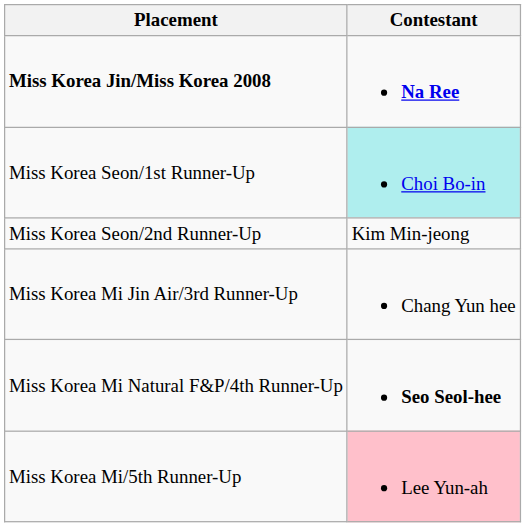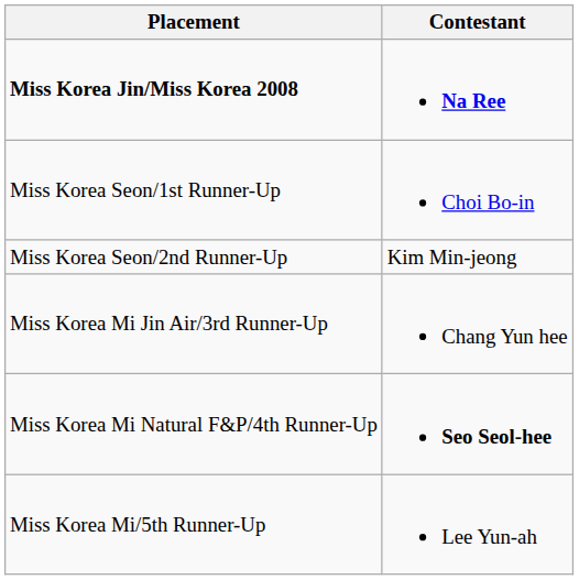 <table class="wikitable sortable" style="font-size: 95%;">
 <tr>
 <th>Placement</th>
 <th>Contestant</th>
 </tr>
 <tr>
 <td><strong>Miss Korea Jin/Miss Korea 2008</strong></td>
 <td><br><ul><li><strong><a href='#'>Na Ree</a></strong></li></ul></td>
 </tr>
 <tr>
 <td>Miss Korea Seon/1st Runner-Up</td>
-<td style="background: paleturquoise;"><br><ul><li><a href='#'>Choi Bo-in</a></li></ul></td>
+<td><br><ul><li><a href='#'>Choi Bo-in</a></li></ul></td>
 </tr>
 <tr>
 <td>Miss Korea Seon/2nd Runner-Up</td>
 <td>Kim Min-jeong</td>
 </tr>
 <tr>
 <td>Miss Korea Mi Jin Air/3rd Runner-Up</td>
 <td><br><ul><li>Chang Yun hee</li></ul></td>
 </tr>
 <tr>
 <td>Miss Korea Mi Natural F&P/4th Runner-Up</td>
 <td><strong><br><ul><li>Seo Seol-hee</li></ul></strong></td>
 </tr>
 <tr>
 <td>Miss Korea Mi/5th Runner-Up</td>
-<td style="background: pink;"><br><ul><li>Lee Yun-ah</li></ul></td>
+<td><br><ul><li>Lee Yun-ah</li></ul></td>
 </tr>
 </table>
